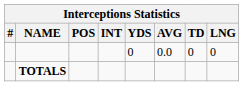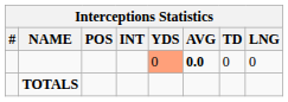 <table class="wikitable sortable collapsible collapsed">
 <tr>
 <th colspan="16">Interceptions Statistics</th>
 </tr>
 <tr>
 <th>#</th>
 <th>NAME</th>
 <th>POS</th>
 <th>INT</th>
 <th>YDS</th>
 <th>AVG</th>
 <th>TD</th>
 <th>LNG</th>
 </tr>
 <tr>
 <td></td>
 <td></td>
 <td></td>
 <td></td>
-<td>0</td>
-<td>0.0</td>
+<td style="background: lightsalmon;">0</td>
+<td><strong>0.0</strong></td>
 <td>0</td>
 <td>0</td>
 </tr>
 <tr>
 <td></td>
 <td><strong>TOTALS</strong></td>
 <td></td>
 <td></td>
 <td></td>
 <td></td>
 <td></td>
 <td></td>
 </tr>
 </table>
